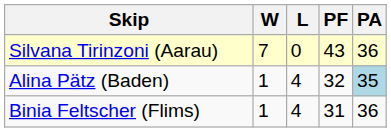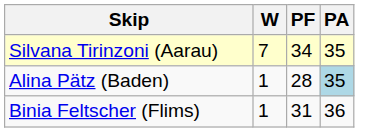 <table class=wikitable>
 <tr>
 <th width=200>Skip</th>
 <th width=20>W</th>
-<th width=20>L</th>
 <th width=20>PF</th>
 <th width=20>PA</th>
 </tr>
 <tr style="background:#ffffcc; width:20px;">
 <td> <a href='#'>Silvana Tirinzoni</a> (Aarau)</td>
 <td>7</td>
-<td>0</td>
-<td>43</td>
-<td>36</td>
+<td>34</td>
+<td>35</td>
 </tr>
 <tr>
 <td> <a href='#'>Alina Pätz</a> (Baden)</td>
 <td>1</td>
-<td>4</td>
-<td>32</td>
+<td>28</td>
 <td style="background: lightblue;">35</td>
 </tr>
 <tr>
 <td> <a href='#'>Binia Feltscher</a> (Flims)</td>
 <td>1</td>
-<td>4</td>
 <td>31</td>
 <td>36</td>
 </tr>
 </table>
